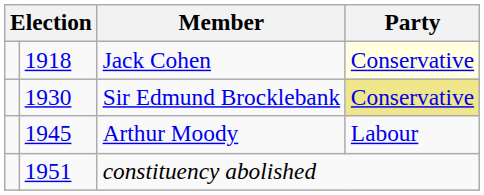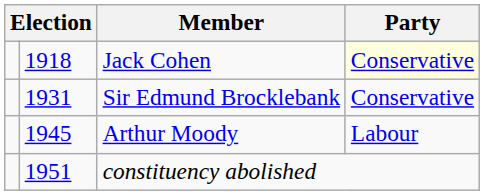 <table class="wikitable">
 <tr>
 <th colspan="2">Election</th>
 <th>Member</th>
 <th>Party</th>
 </tr>
 <tr>
 <td style="color:inherit;background-color: "></td>
 <td><a href='#'>1918</a></td>
 <td><a href='#'>Jack Cohen</a></td>
 <td style="background: lightyellow;"><a href='#'>Conservative</a></td>
 </tr>
 <tr>
 <td style="color:inherit;background-color: "></td>
-<td><a href='#'>1930</a></td>
+<td><a href='#'>1931</a></td>
 <td><a href='#'>Sir Edmund Brocklebank</a></td>
-<td style="background: khaki;"><a href='#'>Conservative</a></td>
+<td><a href='#'>Conservative</a></td>
 </tr>
 <tr>
 <td style="color:inherit;background-color: "></td>
 <td><a href='#'>1945</a></td>
 <td><a href='#'>Arthur Moody</a></td>
 <td><a href='#'>Labour</a></td>
 </tr>
 <tr>
 <td></td>
 <td><a href='#'>1951</a></td>
 <td colspan="2"><em>constituency abolished</em></td>
 </tr>
 </table>
